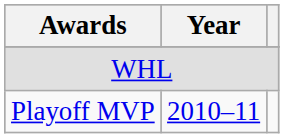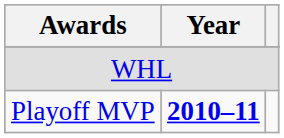 <table class="wikitable">
 <tr>
 <th>Awards</th>
 <th>Year</th>
 <th></th>
 </tr>
 <tr>
 </tr>
 <tr ALIGN="center" bgcolor="#e0e0e0">
 <td colspan="3"><a href='#'>WHL</a></td>
 </tr>
 <tr>
 <td><a href='#'>Playoff MVP</a></td>
-<td><a href='#'>2010–11</a></td>
+<td><strong><a href='#'>2010–11</a></strong></td>
 <td></td>
 </tr>
 </table>
